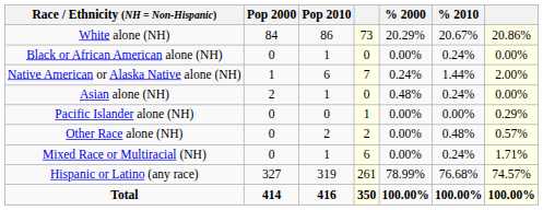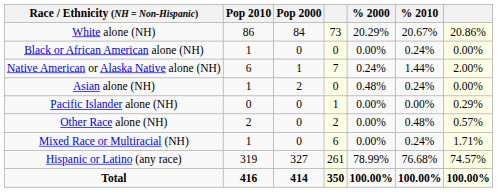 <table class="wikitable" style="text-align:center;">
 <tr>
 <th>Race / Ethnicity <small>(<em>NH = Non-Hispanic</em>)</small></th>
+<th>Pop 2010</th>
 <th>Pop 2000</th>
-<th>Pop 2010</th>
 <th></th>
 <th>% 2000</th>
 <th>% 2010</th>
 <th></th>
 </tr>
 <tr>
 <td><a href='#'>White</a> alone (NH)</td>
+<td>86</td>
 <td>84</td>
-<td>86</td>
 <td style='background: #ffffe6;'>73</td>
 <td>20.29%</td>
 <td>20.67%</td>
 <td style='background: #ffffe6;'>20.86%</td>
 </tr>
 <tr>
 <td><a href='#'>Black or African American</a> alone (NH)</td>
+<td>1</td>
 <td>0</td>
-<td>1</td>
 <td style='background: #ffffe6;'>0</td>
 <td>0.00%</td>
 <td>0.24%</td>
 <td style='background: #ffffe6;'>0.00%</td>
 </tr>
 <tr>
 <td><a href='#'>Native American</a> or <a href='#'>Alaska Native</a> alone (NH)</td>
+<td>6</td>
 <td>1</td>
-<td>6</td>
 <td style='background: #ffffe6;'>7</td>
 <td>0.24%</td>
 <td>1.44%</td>
 <td style='background: #ffffe6;'>2.00%</td>
 </tr>
 <tr>
 <td><a href='#'>Asian</a> alone (NH)</td>
+<td>1</td>
 <td>2</td>
-<td>1</td>
 <td style='background: #ffffe6;'>0</td>
 <td>0.48%</td>
 <td>0.24%</td>
 <td style='background: #ffffe6;'>0.00%</td>
 </tr>
 <tr>
 <td><a href='#'>Pacific Islander</a> alone (NH)</td>
 <td>0</td>
 <td>0</td>
 <td style='background: #ffffe6;'>1</td>
 <td>0.00%</td>
 <td>0.00%</td>
 <td style='background: #ffffe6;'>0.29%</td>
 </tr>
 <tr>
 <td><a href='#'>Other Race</a> alone (NH)</td>
+<td>2</td>
 <td>0</td>
-<td>2</td>
 <td style='background: #ffffe6;'>2</td>
 <td>0.00%</td>
 <td>0.48%</td>
 <td style='background: #ffffe6;'>0.57%</td>
 </tr>
 <tr>
 <td><a href='#'>Mixed Race or Multiracial</a> (NH)</td>
+<td>1</td>
 <td>0</td>
-<td>1</td>
 <td style='background: #ffffe6;'>6</td>
 <td>0.00%</td>
 <td>0.24%</td>
 <td style='background: #ffffe6;'>1.71%</td>
 </tr>
 <tr>
 <td><a href='#'>Hispanic or Latino</a> (any race)</td>
+<td>319</td>
 <td>327</td>
-<td>319</td>
 <td style='background: #ffffe6;'>261</td>
 <td>78.99%</td>
 <td>76.68%</td>
 <td style='background: #ffffe6;'>74.57%</td>
 </tr>
 <tr>
 <td><strong>Total</strong></td>
+<td><strong>416</strong></td>
 <td><strong>414</strong></td>
-<td><strong>416</strong></td>
 <td style='background: #ffffe6;'><strong>350</strong></td>
 <td><strong>100.00%</strong></td>
 <td><strong>100.00%</strong></td>
 <td style='background: #ffffe6;'><strong>100.00%</strong></td>
 </tr>
 </table>
